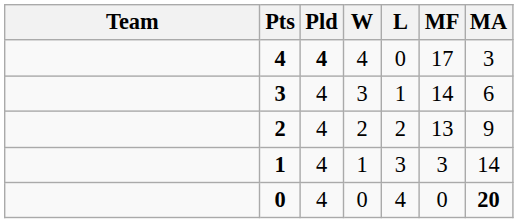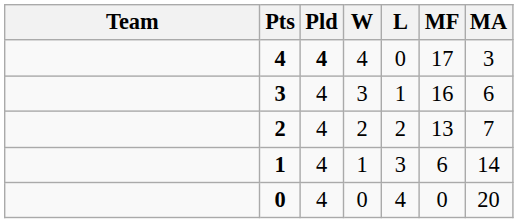 <table class=wikitable style="text-align:center">
 <tr>
 <th width=175>Team</th>
 <th width=20>Pts</th>
 <th width=20>Pld</th>
 <th width=20>W</th>
 <th width=20>L</th>
 <th width=20>MF</th>
 <th width=20>MA</th>
 </tr>
 <tr>
 <td style="text-align:left"></td>
 <td><strong>4</strong></td>
 <td><strong>4</strong></td>
 <td>4</td>
 <td>0</td>
 <td>17</td>
 <td>3</td>
 </tr>
 <tr>
 <td style="text-align:left"></td>
 <td><strong>3</strong></td>
 <td>4</td>
 <td>3</td>
 <td>1</td>
-<td>14</td>
+<td>16</td>
 <td>6</td>
 </tr>
 <tr>
 <td style="text-align:left"></td>
 <td><strong>2</strong></td>
 <td>4</td>
 <td>2</td>
 <td>2</td>
 <td>13</td>
-<td>9</td>
+<td>7</td>
 </tr>
 <tr>
 <td style="text-align:left"></td>
 <td><strong>1</strong></td>
 <td>4</td>
 <td>1</td>
 <td>3</td>
-<td>3</td>
+<td>6</td>
 <td>14</td>
 </tr>
 <tr>
 <td style="text-align:left"></td>
 <td><strong>0</strong></td>
 <td>4</td>
 <td>0</td>
 <td>4</td>
 <td>0</td>
-<td><strong>20</strong></td>
+<td>20</td>
 </tr>
 </table>
